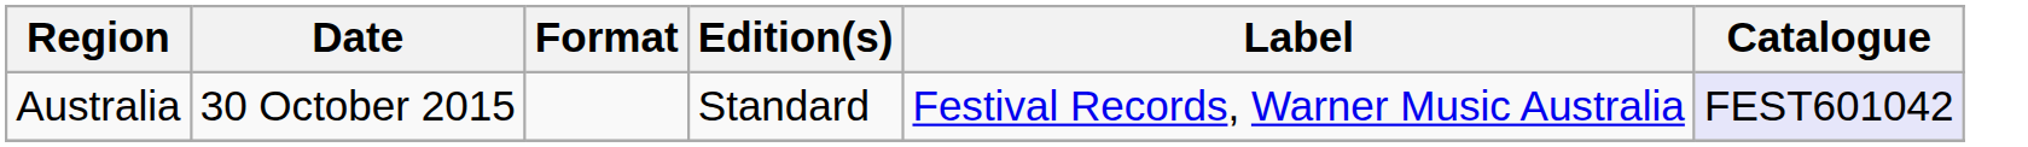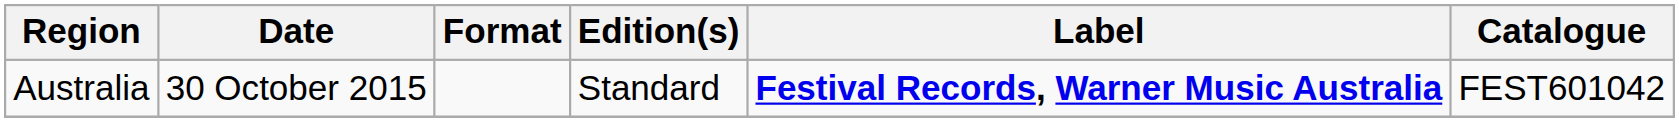 <table class="wikitable plainrowheaders">
 <tr>
 <th scope="col">Region</th>
 <th scope="col">Date</th>
 <th scope="col">Format</th>
 <th scope="col">Edition(s)</th>
 <th scope="col">Label</th>
 <th scope="col">Catalogue</th>
 </tr>
 <tr>
 <td>Australia</td>
 <td>30 October 2015</td>
 <td></td>
 <td>Standard</td>
-<td><a href='#'>Festival Records</a>, <a href='#'>Warner Music Australia</a></td>
-<td style="background: lavender;">FEST601042</td>
+<td><strong><a href='#'>Festival Records</a>, <a href='#'>Warner Music Australia</a></strong></td>
+<td>FEST601042</td>
 </tr>
 <tr>
 </tr>
 </table>
